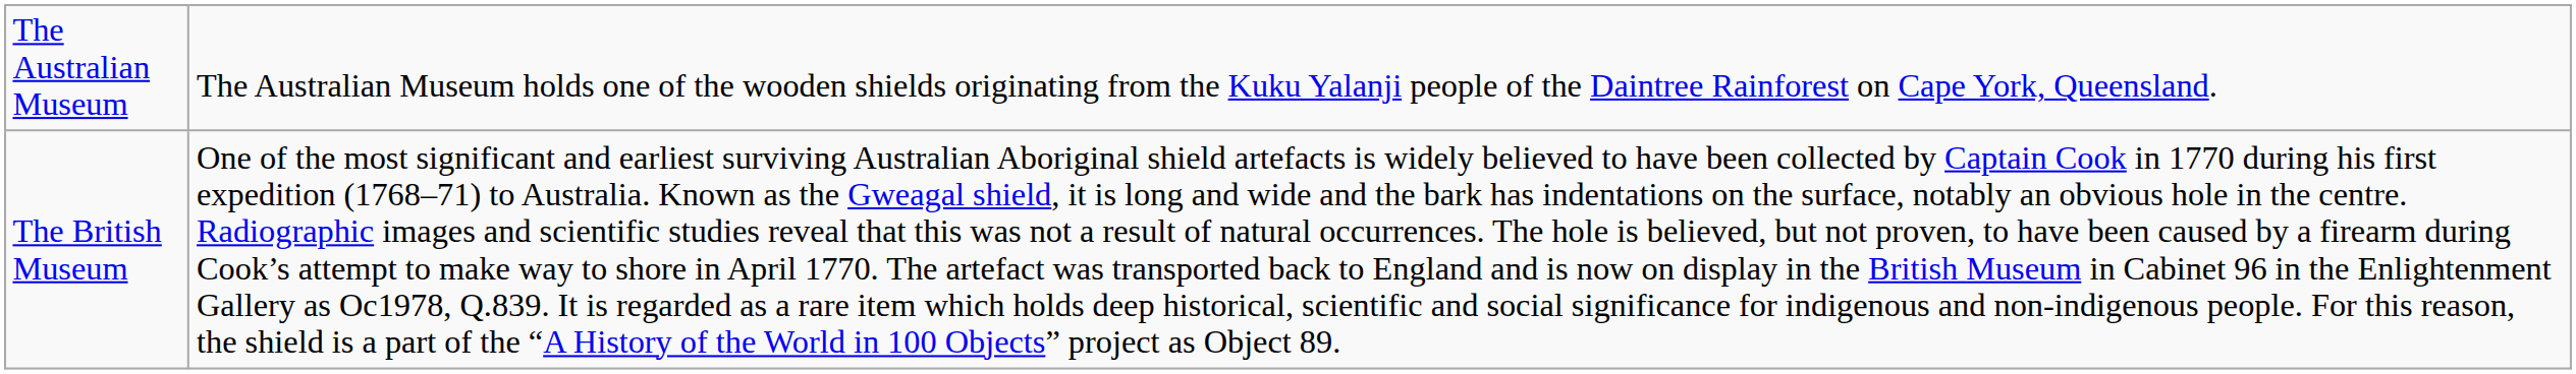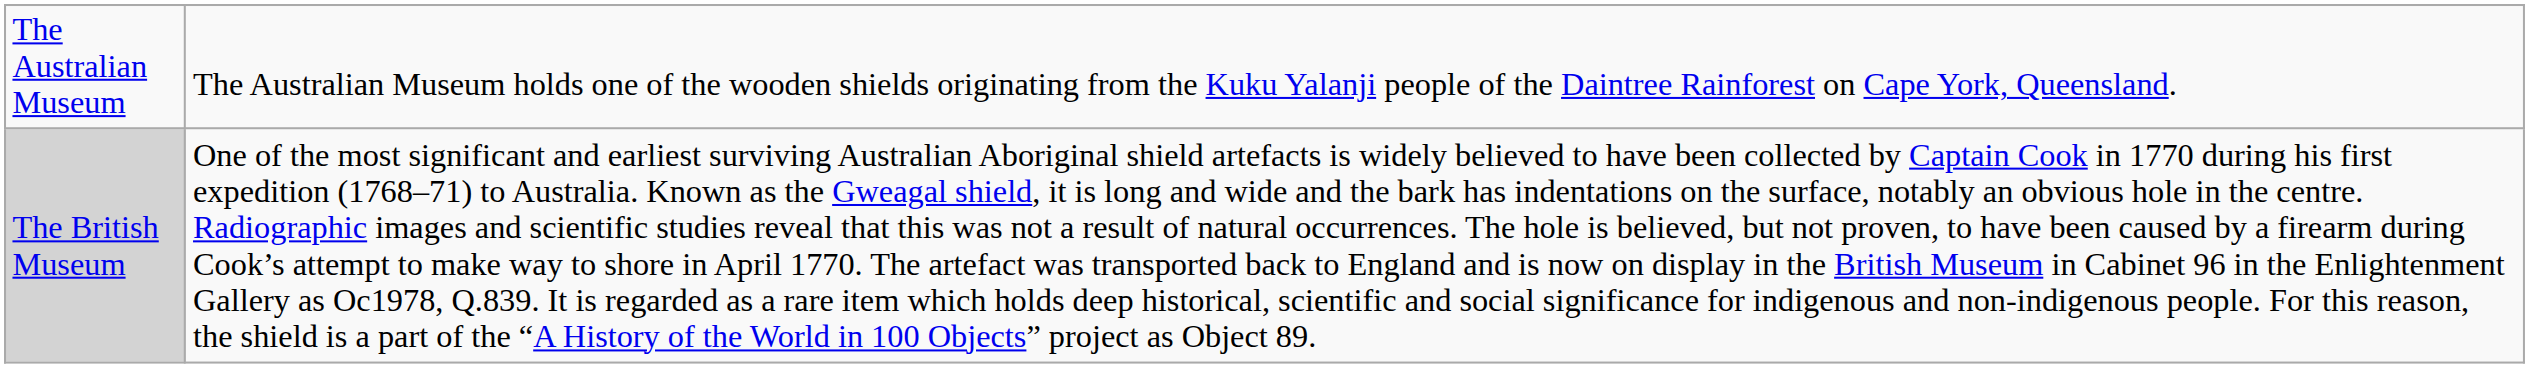 <table class="wikitable">
 <tr>
 <td><a href='#'>The Australian Museum</a></td>
 <td><br>The Australian Museum holds one of the wooden shields originating from the <a href='#'>Kuku Yalanji</a> people of the <a href='#'>Daintree Rainforest</a> on <a href='#'>Cape York, Queensland</a>.</td>
 </tr>
 <tr>
-<td><a href='#'>The British Museum</a></td>
+<td style="background: lightgrey;"><a href='#'>The British Museum</a></td>
 <td>One of the most significant and earliest surviving Australian Aboriginal shield artefacts is widely believed to have been collected by <a href='#'>Captain Cook</a> in 1770 during his first expedition (1768–71) to Australia. Known as the <a href='#'>Gweagal shield</a>, it is  long and  wide and the bark has indentations on the surface, notably an obvious hole in the centre. <a href='#'>Radiographic</a> images and scientific studies reveal that this was not a result of natural occurrences. The hole is believed, but not proven, to have been caused by a firearm during Cook’s attempt to make way to shore in April 1770. The artefact was transported back to England and is now on display in the <a href='#'>British Museum</a> in Cabinet 96 in the Enlightenment Gallery as Oc1978, Q.839. It is regarded as a rare item which holds deep historical, scientific and social significance for indigenous and non-indigenous people. For this reason, the shield is a part of the “<a href='#'>A History of the World in 100 Objects</a>” project as Object 89.</td>
 </tr>
 </table>
